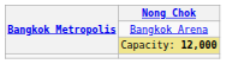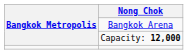 <table class="wikitable" style="text-align:center;">
 <tr>
 <th rowspan=3><a href='#'>Bangkok Metropolis</a></th>
 <th><a href='#'>Nong Chok</a></th>
 </tr>
 <tr>
 <td><a href='#'>Bangkok Arena</a></td>
 </tr>
 <tr>
-<td style="background: khaki;">Capacity: <strong>12,000</strong></td>
+<td>Capacity: <strong>12,000</strong></td>
 </tr>
 <tr>
 <td></td>
 <td></td>
 </tr>
 </table>
